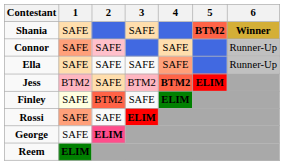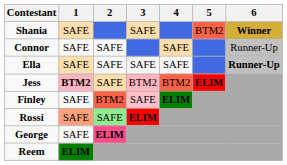 <table class="wikitable" border="2" style="text-align:center;font-size:96%">
 <tr>
 <th>Contestant</th>
 <th>1</th>
 <th>2</th>
 <th>3</th>
 <th>4</th>
 <th>5</th>
 <th>6</th>
 </tr>
 <tr>
 <td><strong>Shania</strong></td>
 <td style="background:NavajoWhite;">SAFE</td>
 <td style="background:royalblue;"><strong></strong></td>
 <td style="background:NavajoWhite;">SAFE</td>
 <td style="background:royalblue;"><strong></strong></td>
-<td style="background:tomato;"><strong>BTM2</strong></td>
+<td style="background:tomato;">BTM2</td>
 <td style="background:#D4AF37;"><strong>Winner</strong></td>
 </tr>
 <tr>
 <td><strong>Connor</strong></td>
-<td style="background: lightsalmon;">SAFE</td>
-<td style="background: pink;">SAFE</td>
+<td>SAFE</td>
+<td>SAFE</td>
 <td style="background:royalblue;"><strong></strong></td>
 <td style="background:NavajoWhite;">SAFE</td>
 <td style="background:royalblue;"><strong></strong></td>
 <td style="background:silver;">Runner-Up</td>
 </tr>
 <tr>
 <td><strong>Ella</strong></td>
 <td style="background:NavajoWhite;">SAFE</td>
 <td>SAFE</td>
 <td>SAFE</td>
-<td style="background: lightsalmon;">SAFE</td>
+<td>SAFE</td>
 <td style="background:royalblue;"><strong></strong></td>
-<td style="background:silver;">Runner-Up</td>
+<td style="background:silver;"><strong>Runner-Up</strong></td>
 </tr>
 <tr>
 <td><strong>Jess</strong></td>
-<td style="background:lightpink;">BTM2</td>
+<td style="background:lightpink;"><strong>BTM2</strong></td>
 <td style="background:NavajoWhite;">SAFE</td>
 <td style="background:lightpink;">BTM2</td>
-<td style="background:tomato;"><strong>BTM2</strong></td>
+<td style="background:tomato;">BTM2</td>
 <td style="background:red;"><strong>ELIM</strong></td>
 <td bgcolor="darkgray" colspan="1"></td>
 </tr>
 <tr>
 <td><strong>Finley</strong></td>
-<td style="background: lightyellow;">SAFE</td>
+<td>SAFE</td>
 <td style="background:tomato;">BTM2</td>
-<td>SAFE</td>
+<td style="background: pink;">SAFE</td>
 <td style="background: green;"><strong>ELIM</strong></td>
 <td bgcolor="darkgray" colspan="2"></td>
 </tr>
 <tr>
 <td><strong>Rossi</strong></td>
 <td style="background: lightsalmon;">SAFE</td>
-<td>SAFE</td>
+<td style="background: lightgreen;">SAFE</td>
 <td style="background:red;"><strong>ELIM</strong></td>
 <td bgcolor="darkgray" colspan="3"></td>
 </tr>
 <tr>
 <td><strong>George</strong></td>
 <td>SAFE</td>
 <td style="background:#ff4d8b;"><strong>ELIM</strong></td>
 <td bgcolor="darkgray" colspan="4"></td>
 </tr>
 <tr>
 <td><strong>Reem</strong></td>
 <td style="background: green;"><strong>ELIM</strong></td>
 <td bgcolor="darkgray" colspan="52"></td>
 </tr>
 </table>
